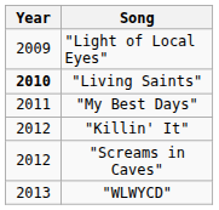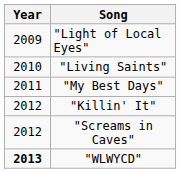 <table class="wikitable" style=text-align:center;>
 <tr>
 <th width="44">Year</th>
 <th width="130">Song</th>
 </tr>
 <tr>
 <td width="44">2009</td>
 <td align=left width="130">"Light of Local Eyes"</td>
 </tr>
 <tr>
-<td width="44"><strong>2010</strong></td>
+<td width="44">2010</td>
 <td align=center width="130">"Living Saints"</td>
 </tr>
 <tr>
 <td width="44">2011</td>
 <td align=center width="130">"My Best Days"</td>
 </tr>
 <tr>
 <td width="44">2012</td>
 <td align=center width="130">"Killin' It"</td>
 </tr>
 <tr>
 <td width="44">2012</td>
 <td align=center width="130">"Screams in Caves"</td>
 </tr>
 <tr>
-<td width="44">2013</td>
+<td width="44"><strong>2013</strong></td>
 <td align=center with="130">"WLWYCD"</td>
 </tr>
 </table>
